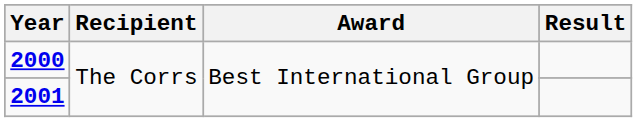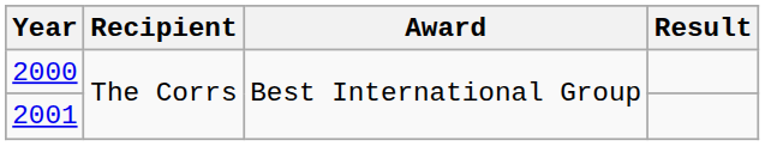 <table class="wikitable">
 <tr>
 <th>Year</th>
 <th>Recipient</th>
 <th>Award</th>
 <th>Result</th>
 </tr>
 <tr>
-<td><strong><a href='#'>2000</a></strong></td>
+<td><a href='#'>2000</a></td>
 <td rowspan="2">The Corrs</td>
 <td rowspan="2">Best International Group</td>
 <td></td>
 </tr>
 <tr>
-<td><strong><a href='#'>2001</a></strong></td>
+<td><a href='#'>2001</a></td>
 <td></td>
 </tr>
 </table>
